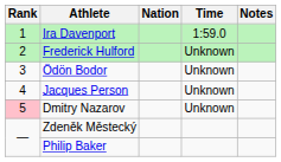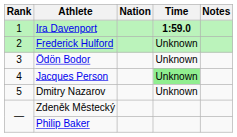 <table class="wikitable sortable" style="text-align:center">
 <tr>
 <th>Rank</th>
 <th>Athlete</th>
 <th>Nation</th>
 <th>Time</th>
 <th>Notes</th>
 </tr>
 <tr bgcolor=bbf3bb>
 <td>1</td>
 <td align=left><a href='#'>Ira Davenport</a></td>
 <td align=left></td>
-<td>1:59.0</td>
+<td><strong>1:59.0</strong></td>
 <td></td>
 </tr>
 <tr bgcolor=bbf3bb>
 <td>2</td>
 <td align=left><a href='#'>Frederick Hulford</a></td>
 <td align=left></td>
 <td data-sort-value=2:00.0>Unknown</td>
 <td></td>
 </tr>
 <tr>
 <td>3</td>
 <td align=left><a href='#'>Ödön Bodor</a></td>
 <td align=left></td>
 <td data-sort-value=3:00.0>Unknown</td>
 <td></td>
 </tr>
 <tr>
 <td>4</td>
 <td align=left><a href='#'>Jacques Person</a></td>
 <td align=left></td>
-<td data-sort-value=4:00.0>Unknown</td>
+<td data-sort-value=4:00.0 style="background: lightgreen;">Unknown</td>
 <td></td>
 </tr>
 <tr>
-<td style="background: pink;">5</td>
+<td>5</td>
 <td align=left>Dmitry Nazarov</td>
 <td align=left></td>
 <td data-sort-value=5:00.0>Unknown</td>
 <td></td>
 </tr>
 <tr>
 <td rowspan=2 data-sort-value=6>—</td>
 <td align=left>Zdeněk Městecký</td>
 <td align=left></td>
 <td></td>
 <td></td>
 </tr>
 <tr>
 <td align=left><a href='#'>Philip Baker</a></td>
 <td align=left></td>
 <td></td>
 <td></td>
 </tr>
 </table>
